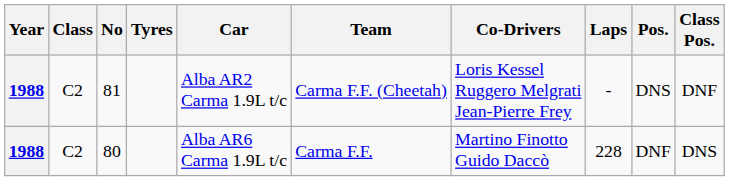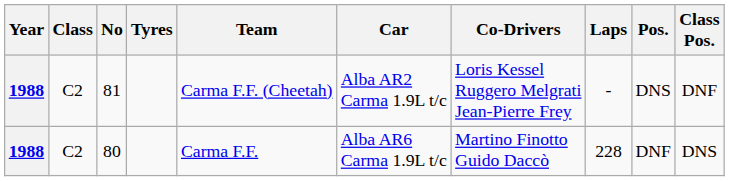 <table class="wikitable" style="text-align:center; font-size:90%">
 <tr>
 <th>Year</th>
 <th>Class</th>
 <th>No</th>
 <th>Tyres</th>
+<th>Team</th>
 <th>Car</th>
-<th>Team</th>
 <th>Co-Drivers</th>
 <th>Laps</th>
 <th>Pos.</th>
 <th>Class<br>Pos.</th>
 </tr>
 <tr>
 <th><a href='#'>1988</a></th>
 <td>C2</td>
 <td>81</td>
 <td></td>
+<td align="left"> <a href='#'>Carma F.F. (Cheetah)</a></td>
 <td align="left"><a href='#'>Alba AR2</a><br> <a href='#'>Carma</a> 1.9L t/c</td>
-<td align="left"> <a href='#'>Carma F.F. (Cheetah)</a></td>
 <td align="left"> <a href='#'>Loris Kessel</a><br> <a href='#'>Ruggero Melgrati</a><br> <a href='#'>Jean-Pierre Frey</a></td>
 <td>-</td>
 <td>DNS</td>
 <td>DNF</td>
 </tr>
 <tr>
 <th><a href='#'>1988</a></th>
 <td>C2</td>
 <td>80</td>
 <td></td>
+<td align="left"> <a href='#'>Carma F.F.</a></td>
 <td align="left"><a href='#'>Alba AR6</a><br><a href='#'>Carma</a> 1.9L t/c</td>
-<td align="left"> <a href='#'>Carma F.F.</a></td>
 <td align="left"> <a href='#'>Martino Finotto</a><br> <a href='#'>Guido Daccò</a></td>
 <td>228</td>
 <td>DNF</td>
 <td>DNS</td>
 </tr>
 </table>
